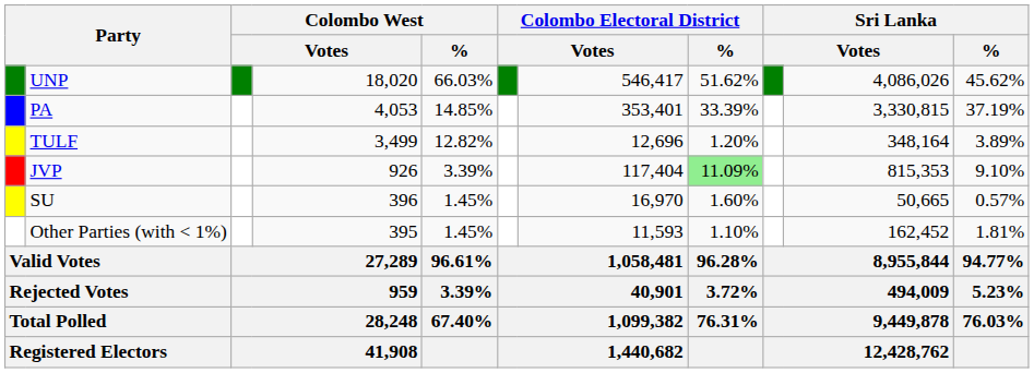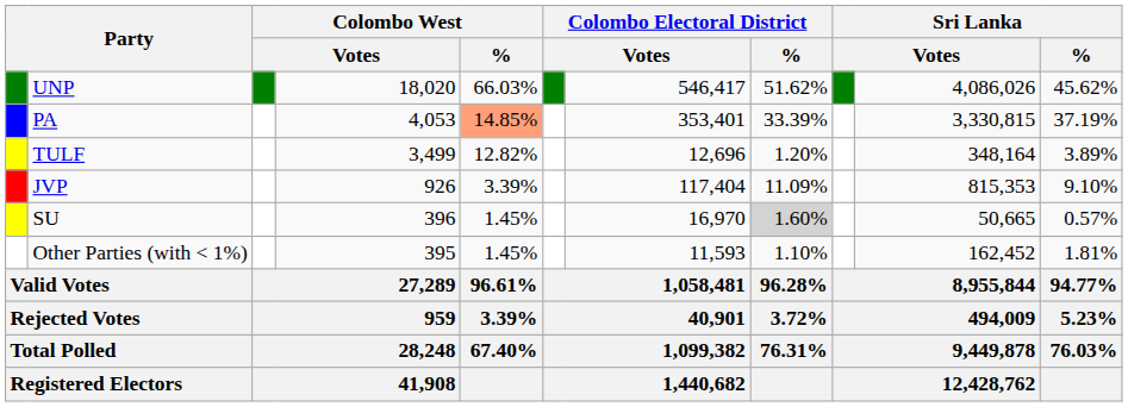 <table class="wikitable">
 <tr>
 <th colspan="2" width="144px"rowspan="2">Party</th>
 <th colspan="3" width="216px">Colombo West</th>
 <th colspan="3" width="216px"><a href='#'>Colombo Electoral District</a></th>
 <th colspan="3" width="216px">Sri Lanka</th>
 </tr>
 <tr>
 <th colspan="2" width="144px">Votes</th>
 <th>%</th>
 <th colspan="2" width="144px">Votes</th>
 <th>%</th>
 <th colspan="2" width="144px">Votes</th>
 <th>%</th>
 </tr>
 <tr>
 <td style="background-color:green;" width="10px"></td>
 <td style="text-align:left;"><a href='#'>UNP</a></td>
 <td style="background-color:green;" width="10px"></td>
 <td style="text-align:right;">18,020</td>
 <td style="text-align:right;">66.03%</td>
 <td style="background-color:green;" width="10px"></td>
 <td style="text-align:right;">546,417</td>
 <td style="text-align:right;">51.62%</td>
 <td style="background-color:green;" width="10px"></td>
 <td style="text-align:right;">4,086,026</td>
 <td style="text-align:right;">45.62%</td>
 </tr>
 <tr>
 <td style="background-color:blue;" width="10px"></td>
 <td style="text-align:left;"><a href='#'>PA</a></td>
 <td style="background-color:white;" width="10px"></td>
 <td style="text-align:right;">4,053</td>
-<td style="text-align:right;">14.85%</td>
+<td style="background: lightsalmon; text-align:right;">14.85%</td>
 <td style="background-color:white;" width="10px"></td>
 <td style="text-align:right;">353,401</td>
 <td style="text-align:right;">33.39%</td>
 <td style="background-color:white;" width="10px"></td>
 <td style="text-align:right;">3,330,815</td>
 <td style="text-align:right;">37.19%</td>
 </tr>
 <tr>
 <td style="background-color:yellow;" width="10px"></td>
 <td style="text-align:left;"><a href='#'>TULF</a></td>
 <td style="background-color:white;" width="10px"></td>
 <td style="text-align:right;">3,499</td>
 <td style="text-align:right;">12.82%</td>
 <td style="background-color:white;" width="10px"></td>
 <td style="text-align:right;">12,696</td>
 <td style="text-align:right;">1.20%</td>
 <td style="background-color:white;" width="10px"></td>
 <td style="text-align:right;">348,164</td>
 <td style="text-align:right;">3.89%</td>
 </tr>
 <tr>
 <td style="background-color:red;" width="10px"></td>
 <td style="text-align:left;"><a href='#'>JVP</a></td>
 <td style="background-color:white;" width="10px"></td>
 <td style="text-align:right;">926</td>
 <td style="text-align:right;">3.39%</td>
 <td style="background-color:white;" width="10px"></td>
 <td style="text-align:right;">117,404</td>
-<td style="background: lightgreen; text-align:right;">11.09%</td>
+<td style="text-align:right;">11.09%</td>
 <td style="background-color:white;" width="10px"></td>
 <td style="text-align:right;">815,353</td>
 <td style="text-align:right;">9.10%</td>
 </tr>
 <tr>
 <td style="background-color:yellow;" width="10px"></td>
 <td style="text-align:left;">SU</td>
 <td style="background-color:white;" width="10px"></td>
 <td style="text-align:right;">396</td>
 <td style="text-align:right;">1.45%</td>
 <td style="background-color:white;" width="10px"></td>
 <td style="text-align:right;">16,970</td>
-<td style="text-align:right;">1.60%</td>
+<td style="background: lightgrey; text-align:right;">1.60%</td>
 <td style="background-color:white;" width="10px"></td>
 <td style="text-align:right;">50,665</td>
 <td style="text-align:right;">0.57%</td>
 </tr>
 <tr>
 <td style="background-color:white;" width="10px"></td>
 <td style="text-align:left;">Other Parties (with < 1%)</td>
 <td style="background-color:white;" width="10px"></td>
 <td style="text-align:right;">395</td>
 <td style="text-align:right;">1.45%</td>
 <td style="background-color:white;" width="10px"></td>
 <td style="text-align:right;">11,593</td>
 <td style="text-align:right;">1.10%</td>
 <td style="background-color:white;" width="10px"></td>
 <td style="text-align:right;">162,452</td>
 <td style="text-align:right;">1.81%</td>
 </tr>
 <tr>
 <th colspan="2" width="144px"style="text-align:left;">Valid Votes</th>
 <th style="text-align:right;"colspan="2" width="144px">27,289</th>
 <th style="text-align:right;">96.61%</th>
 <th style="text-align:right;"colspan="2" width="144px">1,058,481</th>
 <th style="text-align:right;">96.28%</th>
 <th style="text-align:right;"colspan="2" width="144px">8,955,844</th>
 <th style="text-align:right;">94.77%</th>
 </tr>
 <tr>
 <th colspan="2" width="144px"style="text-align:left;">Rejected Votes</th>
 <th style="text-align:right;"colspan="2" width="144px">959</th>
 <th style="text-align:right;">3.39%</th>
 <th style="text-align:right;"colspan="2" width="144px">40,901</th>
 <th style="text-align:right;">3.72%</th>
 <th style="text-align:right;"colspan="2" width="144px">494,009</th>
 <th style="text-align:right;">5.23%</th>
 </tr>
 <tr>
 <th colspan="2" width="144px"style="text-align:left;">Total Polled</th>
 <th style="text-align:right;"colspan="2" width="144px">28,248</th>
 <th style="text-align:right;">67.40%</th>
 <th style="text-align:right;"colspan="2" width="144px">1,099,382</th>
 <th style="text-align:right;">76.31%</th>
 <th style="text-align:right;"colspan="2" width="144px">9,449,878</th>
 <th style="text-align:right;">76.03%</th>
 </tr>
 <tr>
 <th colspan="2" width="144px"style="text-align:left;">Registered Electors</th>
 <th style="text-align:right;"colspan="2" width="144px">41,908</th>
 <th></th>
 <th style="text-align:right;"colspan="2" width="144px">1,440,682</th>
 <th></th>
 <th style="text-align:right;"colspan="2" width="144px">12,428,762</th>
 <th></th>
 </tr>
 </table>
